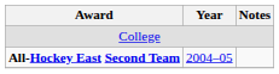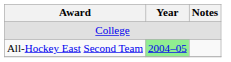 <table class="wikitable">
 <tr>
 <th>Award</th>
 <th>Year</th>
 <th>Notes</th>
 </tr>
 <tr ALIGN="center" bgcolor="#e0e0e0">
 <td colspan="3"><a href='#'>College</a></td>
 </tr>
 <tr>
-<td><strong>All-<a href='#'>Hockey East</a> <a href='#'>Second Team</a></strong></td>
-<td><a href='#'>2004–05</a></td>
+<td>All-<a href='#'>Hockey East</a> <a href='#'>Second Team</a></td>
+<td style="background: lightgreen;"><a href='#'>2004–05</a></td>
 <td></td>
 </tr>
 <tr>
 </tr>
 </table>
